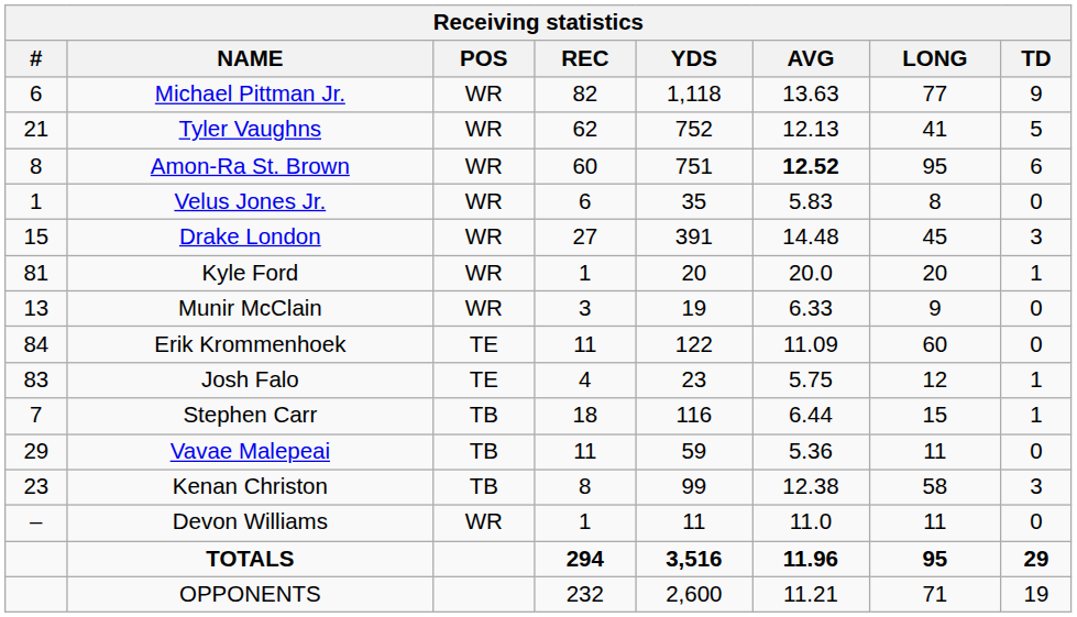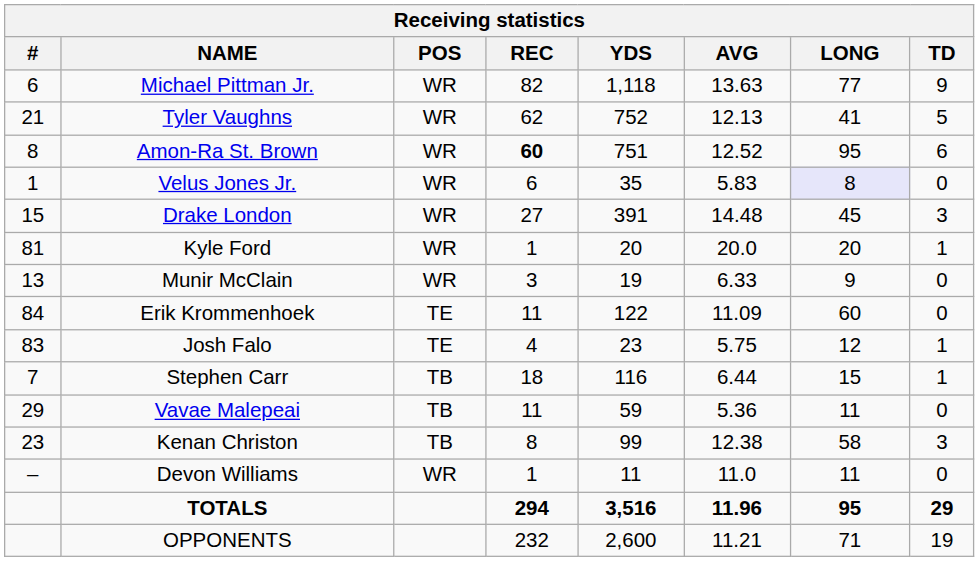 <table style="width:60%; text-align:center;" class="wikitable collapsible collapsed">
 <tr>
 <th colspan="8">Receiving statistics</th>
 </tr>
 <tr>
 <th>#</th>
 <th>NAME</th>
 <th>POS</th>
 <th>REC</th>
 <th>YDS</th>
 <th>AVG</th>
 <th>LONG</th>
 <th>TD</th>
 </tr>
 <tr>
 <td>6</td>
 <td><a href='#'>Michael Pittman Jr.</a></td>
 <td>WR</td>
 <td>82</td>
 <td>1,118</td>
 <td>13.63</td>
 <td>77</td>
 <td>9</td>
 </tr>
 <tr>
 <td>21</td>
 <td><a href='#'>Tyler Vaughns</a></td>
 <td>WR</td>
 <td>62</td>
 <td>752</td>
 <td>12.13</td>
 <td>41</td>
 <td>5</td>
 </tr>
 <tr>
 <td>8</td>
 <td><a href='#'>Amon-Ra St. Brown</a></td>
 <td>WR</td>
-<td>60</td>
+<td><strong>60</strong></td>
 <td>751</td>
-<td><strong>12.52</strong></td>
+<td>12.52</td>
 <td>95</td>
 <td>6</td>
 </tr>
 <tr>
 <td>1</td>
 <td><a href='#'>Velus Jones Jr.</a></td>
 <td>WR</td>
 <td>6</td>
 <td>35</td>
 <td>5.83</td>
-<td>8</td>
+<td style="background: lavender;">8</td>
 <td>0</td>
 </tr>
 <tr>
 <td>15</td>
 <td><a href='#'>Drake London</a></td>
 <td>WR</td>
 <td>27</td>
 <td>391</td>
 <td>14.48</td>
 <td>45</td>
 <td>3</td>
 </tr>
 <tr>
 <td>81</td>
 <td>Kyle Ford</td>
 <td>WR</td>
 <td>1</td>
 <td>20</td>
 <td>20.0</td>
 <td>20</td>
 <td>1</td>
 </tr>
 <tr>
 <td>13</td>
 <td>Munir McClain</td>
 <td>WR</td>
 <td>3</td>
 <td>19</td>
 <td>6.33</td>
 <td>9</td>
 <td>0</td>
 </tr>
 <tr>
 <td>84</td>
 <td>Erik Krommenhoek</td>
 <td>TE</td>
 <td>11</td>
 <td>122</td>
 <td>11.09</td>
 <td>60</td>
 <td>0</td>
 </tr>
 <tr>
 <td>83</td>
 <td>Josh Falo</td>
 <td>TE</td>
 <td>4</td>
 <td>23</td>
 <td>5.75</td>
 <td>12</td>
 <td>1</td>
 </tr>
 <tr>
 <td>7</td>
 <td>Stephen Carr</td>
 <td>TB</td>
 <td>18</td>
 <td>116</td>
 <td>6.44</td>
 <td>15</td>
 <td>1</td>
 </tr>
 <tr>
 <td>29</td>
 <td><a href='#'>Vavae Malepeai</a></td>
 <td>TB</td>
 <td>11</td>
 <td>59</td>
 <td>5.36</td>
 <td>11</td>
 <td>0</td>
 </tr>
 <tr>
 <td>23</td>
 <td>Kenan Christon</td>
 <td>TB</td>
 <td>8</td>
 <td>99</td>
 <td>12.38</td>
 <td>58</td>
 <td>3</td>
 </tr>
 <tr>
 <td>–</td>
 <td>Devon Williams</td>
 <td>WR</td>
 <td>1</td>
 <td>11</td>
 <td>11.0</td>
 <td>11</td>
 <td>0</td>
 </tr>
 <tr>
 <td></td>
 <td><strong>TOTALS</strong></td>
 <td></td>
 <td><strong>294</strong></td>
 <td><strong>3,516</strong></td>
 <td><strong>11.96</strong></td>
 <td><strong>95</strong></td>
 <td><strong>29</strong></td>
 </tr>
 <tr>
 <td></td>
 <td>OPPONENTS</td>
 <td></td>
 <td>232</td>
 <td>2,600</td>
 <td>11.21</td>
 <td>71</td>
 <td>19</td>
 </tr>
 </table>
